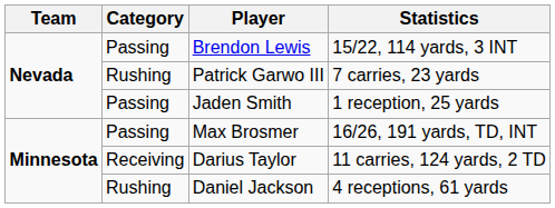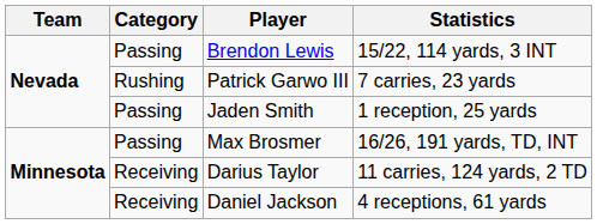 <table class="wikitable" style="float: right;">
 <tr>
 <th>Team</th>
 <th>Category</th>
 <th>Player</th>
 <th>Statistics</th>
 </tr>
 <tr>
 <td rowspan=3><strong>Nevada</strong></td>
 <td>Passing</td>
 <td><a href='#'>Brendon Lewis</a></td>
 <td>15/22, 114 yards, 3 INT</td>
 </tr>
 <tr>
 <td>Rushing</td>
 <td>Patrick Garwo III</td>
 <td>7 carries, 23 yards</td>
 </tr>
 <tr>
 <td>Passing</td>
 <td>Jaden Smith</td>
 <td>1 reception, 25 yards</td>
 </tr>
 <tr>
 <td rowspan=3><strong>Minnesota</strong></td>
 <td>Passing</td>
 <td>Max Brosmer</td>
 <td>16/26, 191 yards, TD, INT</td>
 </tr>
 <tr>
 <td>Receiving</td>
 <td>Darius Taylor</td>
 <td>11 carries, 124 yards, 2 TD</td>
 </tr>
 <tr>
-<td>Rushing</td>
+<td>Receiving</td>
 <td>Daniel Jackson</td>
 <td>4 receptions, 61 yards</td>
 </tr>
 </table>
